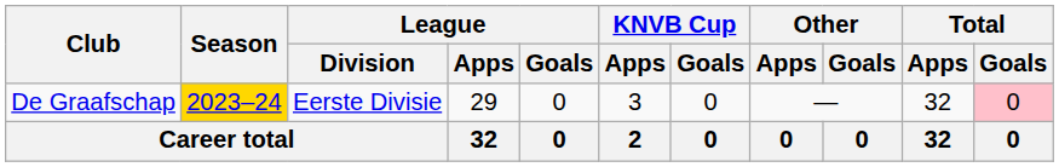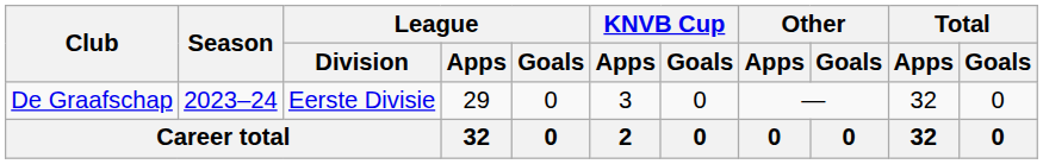 <table class="wikitable" style="text-align:center">
 <tr>
 <th rowspan="2">Club</th>
 <th rowspan="2">Season</th>
 <th colspan="3">League</th>
 <th colspan="2"><a href='#'>KNVB Cup</a></th>
 <th colspan="2">Other</th>
 <th colspan="2">Total</th>
 </tr>
 <tr>
 <th>Division</th>
 <th>Apps</th>
 <th>Goals</th>
 <th>Apps</th>
 <th>Goals</th>
 <th>Apps</th>
 <th>Goals</th>
 <th>Apps</th>
 <th>Goals</th>
 </tr>
 <tr>
 <td rowspan="1"><a href='#'>De Graafschap</a></td>
-<td style="background: gold;"><a href='#'>2023–24</a></td>
+<td><a href='#'>2023–24</a></td>
 <td><a href='#'>Eerste Divisie</a></td>
 <td>29</td>
 <td>0</td>
 <td>3</td>
 <td>0</td>
 <td colspan="2">—</td>
 <td>32</td>
-<td style="background: pink;">0</td>
+<td>0</td>
 </tr>
 <tr>
 <th colspan="3">Career total</th>
 <th>32</th>
 <th>0</th>
 <th>2</th>
 <th>0</th>
 <th>0</th>
 <th>0</th>
 <th>32</th>
 <th>0</th>
 </tr>
 </table>
